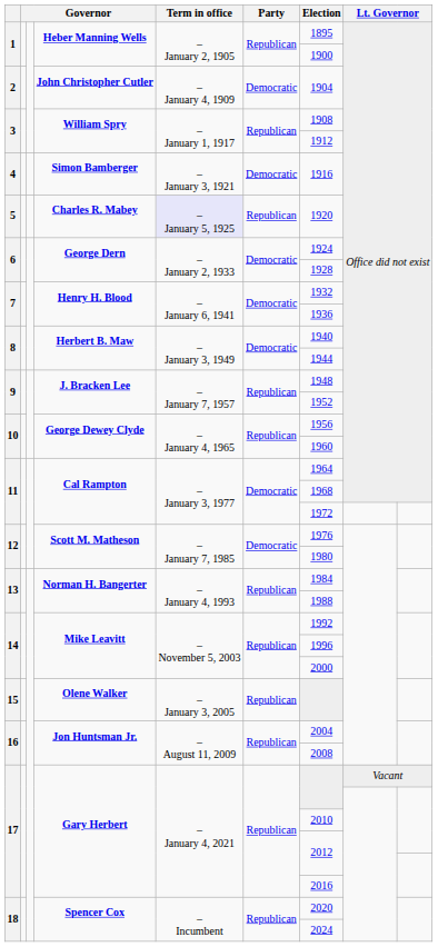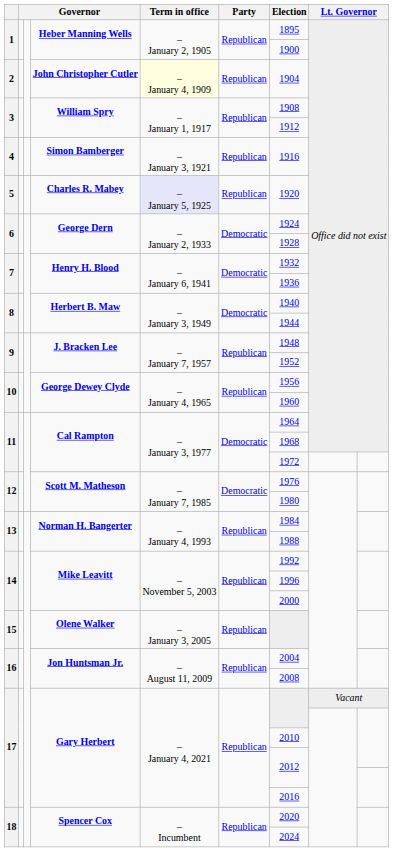 <table class="wikitable sortable mw-collapsible sticky-header-multi" style="text-align:center;">
 <tr>
 <th scope="col" data-sort-type="number"></th>
 <th scope="colgroup" colspan="3">Governor</th>
 <th scope="col">Term in office</th>
 <th scope="col">Party</th>
 <th scope="col">Election</th>
 <th scope="colgroup" colspan="2"><a href='#'>Lt. Governor</a></th>
 </tr>
 <tr style="height:2em;">
 <th rowspan="2" scope="rowgroup">1</th>
 <td rowspan="2" data-sort-value="Wells, Heber"></td>
 <td rowspan="5" style="background: "> </td>
 <td rowspan="2"><strong><a href='#'>Heber Manning Wells</a></strong><br><br></td>
 <td rowspan="2"><br>–<br>January 2, 1905<br></td>
 <td rowspan="2"><a href='#'>Republican</a></td>
 <td><a href='#'>1895</a></td>
 <td colspan="2" rowspan="19" style="background:#EEEEEE;"><em>Office did not exist</em></td>
 </tr>
 <tr style="height:2em;">
 <td><a href='#'>1900</a></td>
 </tr>
 <tr style="height:2em;">
 <th scope="row">2</th>
 <td data-sort-value="Cutler, John"></td>
 <td><strong><a href='#'>John Christopher Cutler</a></strong><br><br></td>
-<td><br>–<br>January 4, 1909<br></td>
-<td><a href='#'>Democratic</a></td>
+<td style="background: lightyellow;"><br>–<br>January 4, 1909<br></td>
+<td><a href='#'>Republican</a></td>
 <td><a href='#'>1904</a></td>
 </tr>
 <tr style="height:2em;">
 <th rowspan="2" scope="rowgroup">3</th>
 <td rowspan="2" data-sort-value="Spryt, William"></td>
 <td rowspan="2"><strong><a href='#'>William Spry</a></strong><br><br></td>
 <td rowspan="2"><br>–<br>January 1, 1917<br></td>
 <td rowspan="2"><a href='#'>Republican</a></td>
 <td><a href='#'>1908</a></td>
 </tr>
 <tr style="height:2em;">
 <td><a href='#'>1912</a></td>
 </tr>
 <tr style="height:2em;">
 <th scope="row">4</th>
 <td data-sort-value="Bamberger, Simon"></td>
 <td style="color:inherit;background: "></td>
 <td><strong><a href='#'>Simon Bamberger</a></strong><br><br></td>
 <td><br>–<br>January 3, 1921<br></td>
-<td><a href='#'>Democratic</a></td>
+<td><a href='#'>Republican</a></td>
 <td><a href='#'>1916</a></td>
 </tr>
 <tr style="height:2em;">
 <th scope="row">5</th>
 <td data-sort-value="Mabey, Charles"></td>
 <td style="color:inherit;background: "></td>
 <td><strong><a href='#'>Charles R. Mabey</a></strong><br><br></td>
 <td style="background: lavender;"><br>–<br>January 5, 1925<br></td>
 <td><a href='#'>Republican</a></td>
 <td><a href='#'>1920</a></td>
 </tr>
 <tr style="height:2em;">
 <th rowspan="2" scope="rowgroup">6</th>
 <td rowspan="2" data-sort-value="Dern, George"></td>
 <td rowspan="6" style="color:inherit;background: "></td>
 <td rowspan="2"><strong><a href='#'>George Dern</a></strong><br><br></td>
 <td rowspan="2"><br>–<br>January 2, 1933<br></td>
 <td rowspan="2"><a href='#'>Democratic</a></td>
 <td><a href='#'>1924</a></td>
 </tr>
 <tr style="height:2em;">
 <td><a href='#'>1928</a></td>
 </tr>
 <tr style="height:2em;">
 <th rowspan="2" scope="rowgroup">7</th>
 <td rowspan="2" data-sort-value="Blood, Henry"></td>
 <td rowspan="2"><strong><a href='#'>Henry H. Blood</a></strong><br><br></td>
 <td rowspan="2"><br>–<br>January 6, 1941<br></td>
 <td rowspan="2"><a href='#'>Democratic</a></td>
 <td><a href='#'>1932</a></td>
 </tr>
 <tr style="height:2em;">
 <td><a href='#'>1936</a></td>
 </tr>
 <tr style="height:2em;">
 <th rowspan="2" scope="rowgroup">8</th>
 <td rowspan="2" data-sort-value="Maw, Herbert"></td>
 <td rowspan="2"><strong><a href='#'>Herbert B. Maw</a></strong><br><br></td>
 <td rowspan="2"><br>–<br>January 3, 1949<br></td>
 <td rowspan="2"><a href='#'>Democratic</a></td>
 <td><a href='#'>1940</a></td>
 </tr>
 <tr style="height:2em;">
 <td><a href='#'>1944</a></td>
 </tr>
 <tr style="height:2em;">
 <th rowspan="2" scope="rowgroup">9</th>
 <td rowspan="2" data-sort-value="Lee, J. Bracken"></td>
 <td rowspan="4" style="color:inherit;background: "></td>
 <td rowspan="2"><strong><a href='#'>J. Bracken Lee</a></strong><br><br></td>
 <td rowspan="2"><br>–<br>January 7, 1957<br></td>
 <td rowspan="2"><a href='#'>Republican</a></td>
 <td><a href='#'>1948</a></td>
 </tr>
 <tr style="height:2em;">
 <td><a href='#'>1952</a></td>
 </tr>
 <tr style="height:2em;">
 <th rowspan="2" scope="rowgroup">10</th>
 <td rowspan="2" data-sort-value="Clyde, George"></td>
 <td rowspan="2"><strong><a href='#'>George Dewey Clyde</a></strong><br><br></td>
 <td rowspan="2"><br>–<br>January 4, 1965<br></td>
 <td rowspan="2"><a href='#'>Republican</a></td>
 <td><a href='#'>1956</a></td>
 </tr>
 <tr style="height:2em;">
 <td><a href='#'>1960</a></td>
 </tr>
 <tr style="height:2em;">
 <th rowspan="3" scope="rowgroup">11</th>
 <td rowspan="3" data-sort-value="Rampton, Cal"></td>
 <td rowspan="5" style="color:inherit;background: "></td>
 <td rowspan="3"><strong><a href='#'>Cal Rampton</a></strong><br><br></td>
 <td rowspan="3"><br>–<br>January 3, 1977<br></td>
 <td rowspan="3"><a href='#'>Democratic</a></td>
 <td><a href='#'>1964</a></td>
 </tr>
 <tr style="height:2em;">
 <td><a href='#'>1968</a></td>
 </tr>
 <tr style="height:2em;">
 <td><a href='#'>1972</a></td>
 <td style="background: "> </td>
 <td></td>
 </tr>
 <tr style="height:2em;">
 <th rowspan="2" scope="rowgroup">12</th>
 <td rowspan="2" data-sort-value="Matheson, Scott"></td>
 <td rowspan="2"><strong><a href='#'>Scott M. Matheson</a></strong><br><br></td>
 <td rowspan="2"><br>–<br>January 7, 1985<br></td>
 <td rowspan="2"><a href='#'>Democratic</a></td>
 <td><a href='#'>1976</a></td>
 <td rowspan="10" style="color:inherit;background: "></td>
 <td rowspan="2"></td>
 </tr>
 <tr style="height:2em;">
 <td><a href='#'>1980</a></td>
 </tr>
 <tr style="height:2em;">
 <th rowspan="2" scope="rowgroup">13</th>
 <td rowspan="2" data-sort-value="Bangerter, Norman"></td>
 <td rowspan="16" style="color:inherit;background: "></td>
 <td rowspan="2"><strong><a href='#'>Norman H. Bangerter</a></strong><br><br></td>
 <td rowspan="2"><br>–<br>January 4, 1993<br></td>
 <td rowspan="2"><a href='#'>Republican</a></td>
 <td><a href='#'>1984</a></td>
 <td rowspan="2"></td>
 </tr>
 <tr style="height:2em;">
 <td><a href='#'>1988</a></td>
 </tr>
 <tr style="height:2em;">
 <th rowspan="3" scope="rowgroup">14</th>
 <td rowspan="3" data-sort-value="Leavitt, Mike"></td>
 <td rowspan="3"><strong><a href='#'>Mike Leavitt</a></strong><br><br></td>
 <td rowspan="3"><br>–<br>November 5, 2003<br></td>
 <td rowspan="3"><a href='#'>Republican</a></td>
 <td><a href='#'>1992</a></td>
 <td rowspan="3"></td>
 </tr>
 <tr style="height:2em;">
 <td><a href='#'>1996</a></td>
 </tr>
 <tr style="height:2em;">
 <td><a href='#'>2000</a></td>
 </tr>
 <tr style="height:2em;">
 <th scope="row">15</th>
 <td data-sort-value="Walker, Olene"></td>
 <td><strong><a href='#'>Olene Walker</a></strong><br><br></td>
 <td><br>–<br>January 3, 2005<br></td>
 <td><a href='#'>Republican</a></td>
 <td style="background:#EEEEEE"></td>
 <td></td>
 </tr>
 <tr style="height:2em;">
 <th rowspan="2" scope="rowgroup">16</th>
 <td rowspan="2" data-sort-value="Huntsman, Jon"></td>
 <td rowspan="2"><strong><a href='#'>Jon Huntsman Jr.</a></strong><br><br></td>
 <td rowspan="2"><br>–<br>August 11, 2009<br></td>
 <td rowspan="2"><a href='#'>Republican</a></td>
 <td><a href='#'>2004</a></td>
 <td rowspan="2"></td>
 </tr>
 <tr style="height:2em;">
 <td><a href='#'>2008</a></td>
 </tr>
 <tr style="height:2em;">
 <th rowspan="6" scope="rowgroup">17</th>
 <td rowspan="6" data-sort-value="Herbert, Gary"></td>
 <td rowspan="6"><strong><a href='#'>Gary Herbert</a></strong><br><br></td>
 <td rowspan="6"><br>–<br>January 4, 2021<br></td>
 <td rowspan="6"><a href='#'>Republican</a></td>
 <td rowspan="2" style="background:#EEEEEE;"></td>
 <td colspan="2" style="background:#EEEEEE;"><em>Vacant</em></td>
 </tr>
 <tr style="height:2em;">
 <td rowspan="7" style="color:inherit;background: "></td>
 <td rowspan="3"><br></td>
 </tr>
 <tr style="height:2em;">
 <td><a href='#'>2010</a><br></td>
 </tr>
 <tr style="height:2em;">
 <td rowspan="2"><a href='#'>2012</a></td>
 </tr>
 <tr style="height:2em;">
 <td rowspan="2"><br></td>
 </tr>
 <tr style="height:2em;">
 <td><a href='#'>2016</a></td>
 </tr>
 <tr style="height:2em;">
 <th rowspan="2" scope="rowgroup">18</th>
 <td rowspan="2" data-sort-value="Cox, Spencer"></td>
 <td rowspan="2"><strong><a href='#'>Spencer Cox</a></strong><br><br></td>
 <td rowspan="2"><br>–<br>Incumbent</td>
 <td rowspan="2"><a href='#'>Republican</a></td>
 <td><a href='#'>2020</a></td>
 <td rowspan="2"></td>
 </tr>
 <tr style="height:2em;">
 <td><a href='#'>2024</a></td>
 </tr>
 </table>
